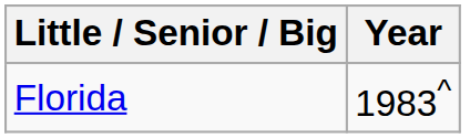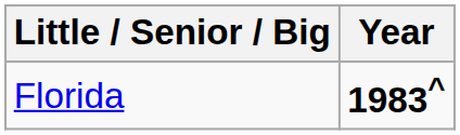 <table class="wikitable">
 <tr>
 <th>Little / Senior / Big</th>
 <th>Year</th>
 </tr>
 <tr>
 <td> <a href='#'>Florida</a></td>
-<td>1983<sup>^</sup></td>
+<td><strong>1983<sup>^</sup></strong></td>
 </tr>
 </table>
